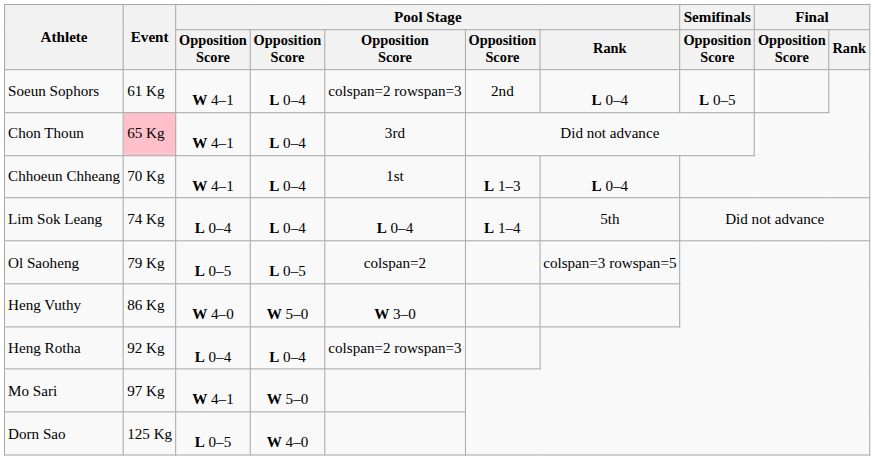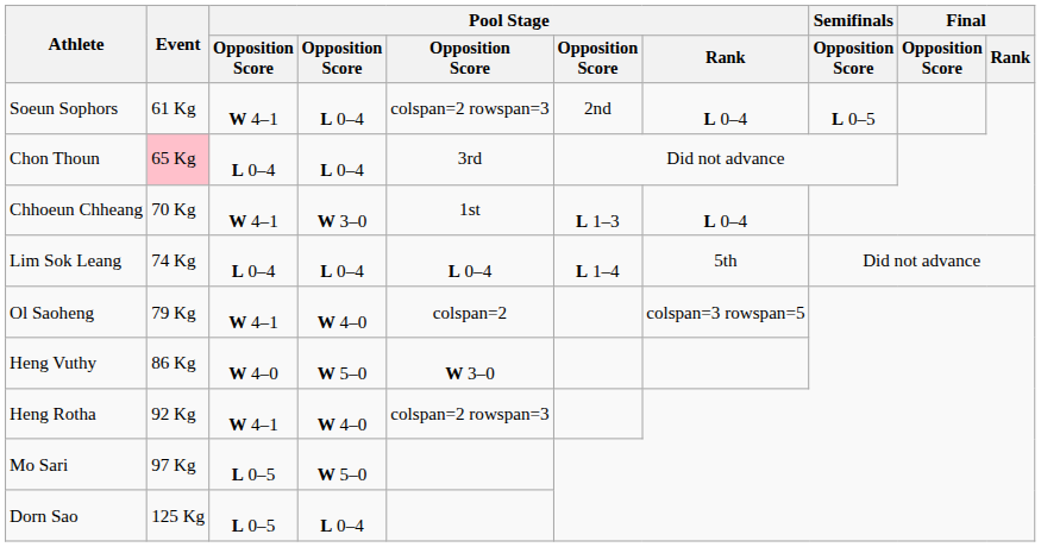 <table class="wikitable" style="font-size:90%">
 <tr>
 <th rowspan=2>Athlete</th>
 <th rowspan=2>Event</th>
 <th colspan=5>Pool Stage</th>
 <th>Semifinals</th>
 <th colspan=2>Final</th>
 </tr>
 <tr style="font-size:95%">
 <th>Opposition<br>Score</th>
 <th>Opposition<br>Score</th>
 <th>Opposition<br>Score</th>
 <th>Opposition<br>Score</th>
 <th>Rank</th>
 <th>Opposition<br>Score</th>
 <th>Opposition<br>Score</th>
 <th>Rank</th>
 </tr>
 <tr align=center>
 <td align=left>Soeun Sophors</td>
 <td align=left>61 Kg</td>
 <td><br><strong>W</strong> 4–1</td>
 <td><br><strong>L</strong> 0–4</td>
 <td>colspan=2 rowspan=3 </td>
 <td>2nd</td>
 <td><br><strong>L</strong> 0–4</td>
 <td><br><strong>L</strong> 0–5</td>
 <td></td>
 </tr>
 <tr align=center>
 <td align=left>Chon Thoun</td>
 <td align=left style="background: pink;">65 Kg</td>
-<td><br><strong>W</strong> 4–1</td>
+<td><br><strong>L</strong> 0–4</td>
 <td><br><strong>L</strong> 0–4</td>
 <td>3rd</td>
 <td colspan=3>Did not advance</td>
 </tr>
 <tr align=center>
 <td align=left>Chhoeun Chheang</td>
 <td align=left>70 Kg</td>
 <td><br><strong>W</strong> 4–1</td>
-<td><br><strong>L</strong> 0–4</td>
+<td><br><strong>W</strong> 3–0</td>
 <td>1st</td>
 <td><br><strong>L</strong> 1–3</td>
 <td><br><strong>L</strong> 0–4<br></td>
 </tr>
 <tr align=center>
 <td align=left>Lim Sok Leang</td>
 <td align=left>74 Kg</td>
 <td><br><strong>L</strong> 0–4</td>
 <td><br><strong>L</strong> 0–4</td>
 <td><br><strong>L</strong> 0–4</td>
 <td><br><strong>L</strong> 1–4</td>
 <td>5th</td>
 <td colspan=3>Did not advance</td>
 </tr>
 <tr align=center>
 <td align=left>Ol Saoheng</td>
 <td align=left>79 Kg</td>
-<td><br><strong>L</strong> 0–5</td>
-<td><br><strong>L</strong> 0–5</td>
+<td><br><strong>W</strong> 4–1</td>
+<td><br><strong>W</strong> 4–0</td>
 <td>colspan=2 </td>
 <td></td>
 <td>colspan=3 rowspan=5 </td>
 </tr>
 <tr align=center>
 <td align=left>Heng Vuthy</td>
 <td align=left>86 Kg</td>
 <td><br><strong>W</strong> 4–0</td>
 <td><br><strong>W</strong> 5–0</td>
 <td><br><strong>W</strong> 3–0</td>
 <td></td>
 <td></td>
 </tr>
 <tr align=center>
 <td align=left>Heng Rotha</td>
 <td align=left>92 Kg</td>
-<td><br><strong>L</strong> 0–4</td>
-<td><br><strong>L</strong> 0–4</td>
+<td><br><strong>W</strong> 4–1</td>
+<td><br><strong>W</strong> 4–0</td>
 <td>colspan=2 rowspan=3 </td>
 <td></td>
 </tr>
 <tr align=center>
 <td align=left>Mo Sari</td>
 <td align=left>97 Kg</td>
-<td><br><strong>W</strong> 4–1</td>
+<td><br><strong>L</strong> 0–5</td>
 <td><br><strong>W</strong> 5–0</td>
 <td></td>
 </tr>
 <tr align=center>
 <td align=left>Dorn Sao</td>
 <td align=left>125 Kg</td>
 <td><br><strong>L</strong> 0–5</td>
-<td><br><strong>W</strong> 4–0</td>
+<td><br><strong>L</strong> 0–4</td>
 <td></td>
 </tr>
 </table>
